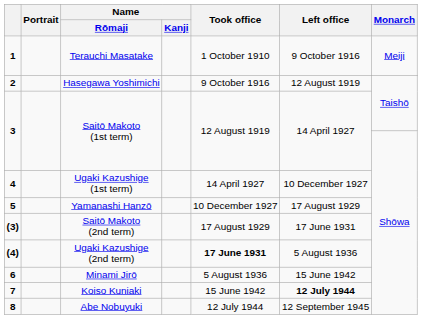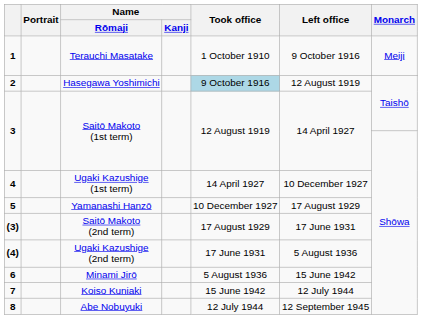 <table class="wikitable"  style="text-align:center">
 <tr ---->
 <th rowspan=2></th>
 <th rowspan=2>Portrait</th>
 <th colspan=2>Name</th>
 <th rowspan=2>Took office</th>
 <th rowspan=2>Left office</th>
 <th rowspan=2><a href='#'>Monarch</a></th>
 </tr>
 <tr ---->
 <th><a href='#'>Rōmaji</a></th>
 <th><a href='#'>Kanji</a></th>
 </tr>
 <tr style="height:64px;">
 <td rowspan="2"><strong>1</strong></td>
 <td rowspan=2></td>
 <td rowspan=2><a href='#'>Terauchi Masatake</a></td>
 <td rowspan=2></td>
 <td rowspan=2>1 October 1910</td>
 <td rowspan=2>9 October 1916</td>
 <td><a href='#'>Meiji</a></td>
 </tr>
 <tr>
 <td rowspan=3><a href='#'>Taishō</a></td>
 </tr>
 <tr ---->
 <td><strong>2</strong></td>
 <td></td>
 <td><a href='#'>Hasegawa Yoshimichi</a></td>
 <td></td>
-<td>9 October 1916</td>
+<td style="background: lightblue;">9 October 1916</td>
 <td>12 August 1919</td>
 </tr>
 <tr style="height:64px;">
 <td rowspan=2><strong>3</strong></td>
 <td rowspan=2></td>
 <td rowspan=2><a href='#'>Saitō Makoto</a><br>(1st term)</td>
 <td rowspan=2></td>
 <td rowspan=2>12 August 1919</td>
 <td rowspan=2>14 April 1927</td>
 </tr>
 <tr style="height:64px;">
 <td rowspan=8><a href='#'>Shōwa</a></td>
 </tr>
 <tr>
 <td><strong>4</strong></td>
 <td></td>
 <td><a href='#'>Ugaki Kazushige</a><br>(1st term)</td>
 <td></td>
 <td>14 April 1927</td>
 <td>10 December 1927</td>
 </tr>
 <tr ---->
 <td><strong>5</strong></td>
 <td></td>
 <td><a href='#'>Yamanashi Hanzō</a></td>
 <td></td>
 <td>10 December 1927</td>
 <td>17 August 1929</td>
 </tr>
 <tr ---->
 <td><strong>(3)</strong></td>
 <td></td>
 <td><a href='#'>Saitō Makoto</a><br>(2nd term)</td>
 <td></td>
 <td>17 August 1929</td>
 <td>17 June 1931</td>
 </tr>
 <tr ---->
 <td><strong>(4)</strong></td>
 <td></td>
 <td><a href='#'>Ugaki Kazushige</a><br>(2nd term)</td>
 <td></td>
-<td><strong>17 June 1931</strong></td>
+<td>17 June 1931</td>
 <td>5 August 1936</td>
 </tr>
 <tr ---->
 <td><strong>6</strong></td>
 <td></td>
 <td><a href='#'>Minami Jirō</a></td>
 <td></td>
 <td>5 August 1936</td>
 <td>15 June 1942</td>
 </tr>
 <tr ---->
 <td><strong>7</strong></td>
 <td></td>
 <td><a href='#'>Koiso Kuniaki</a></td>
 <td></td>
 <td>15 June 1942</td>
-<td><strong>12 July 1944</strong></td>
+<td>12 July 1944</td>
 </tr>
 <tr ---->
 <td><strong>8</strong></td>
 <td></td>
 <td><a href='#'>Abe Nobuyuki</a></td>
 <td></td>
 <td>12 July 1944</td>
 <td>12 September 1945</td>
 </tr>
 </table>
